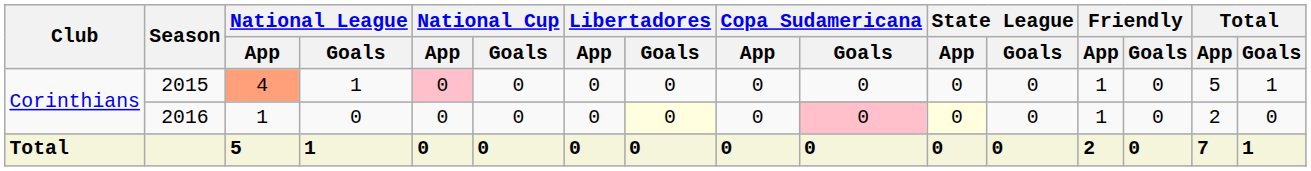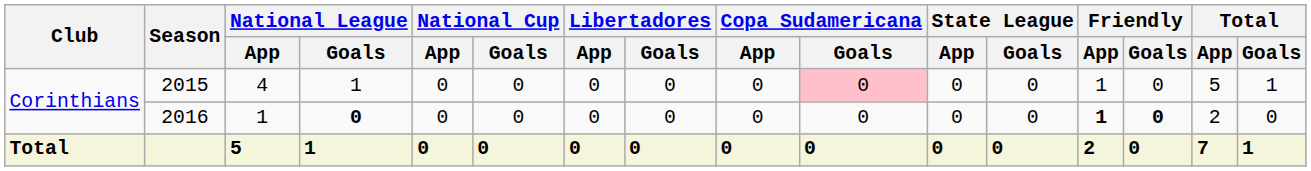 <table class="wikitable" style="text-align: center;">
 <tr>
 <th rowspan="2">Club</th>
 <th rowspan="2">Season</th>
 <th colspan="2"><a href='#'>National League</a></th>
 <th colspan="2"><a href='#'>National Cup</a></th>
 <th colspan="2"><a href='#'>Libertadores</a></th>
 <th colspan="2"><a href='#'>Copa Sudamericana</a></th>
 <th colspan="2">State League</th>
 <th colspan="2">Friendly</th>
 <th colspan="2">Total</th>
 </tr>
 <tr>
 <th>App</th>
 <th>Goals</th>
 <th>App</th>
 <th>Goals</th>
 <th>App</th>
 <th>Goals</th>
 <th>App</th>
 <th>Goals</th>
 <th>App</th>
 <th>Goals</th>
 <th>App</th>
 <th>Goals</th>
 <th>App</th>
 <th>Goals</th>
 </tr>
 <tr>
 <td rowspan="2"><a href='#'>Corinthians</a></td>
 <td>2015</td>
-<td style="background: lightsalmon;">4</td>
+<td>4</td>
 <td>1</td>
-<td style="background: pink;">0</td>
 <td>0</td>
 <td>0</td>
 <td>0</td>
 <td>0</td>
 <td>0</td>
+<td style="background: pink;">0</td>
 <td>0</td>
 <td>0</td>
 <td>1</td>
 <td>0</td>
 <td>5</td>
 <td>1</td>
 </tr>
 <tr>
 <td>2016</td>
 <td>1</td>
+<td><strong>0</strong></td>
 <td>0</td>
 <td>0</td>
 <td>0</td>
 <td>0</td>
-<td style="background: lightyellow;">0</td>
 <td>0</td>
-<td style="background: pink;">0</td>
-<td style="background: lightyellow;">0</td>
 <td>0</td>
-<td>1</td>
 <td>0</td>
+<td>0</td>
+<td><strong>1</strong></td>
+<td><strong>0</strong></td>
 <td>2</td>
 <td>0</td>
 </tr>
 <tr>
 <th style="text-align:left; background:beige;">Total</th>
 <th style="text-align:left; background:beige;"></th>
 <th style="text-align:left; background:beige;">5</th>
 <th style="text-align:left; background:beige;">1</th>
 <th style="text-align:left; background:beige;">0</th>
 <th style="text-align:left; background:beige;">0</th>
 <th style="text-align:left; background:beige;">0</th>
 <th style="text-align:left; background:beige;">0</th>
 <th style="text-align:left; background:beige;">0</th>
 <th style="text-align:left; background:beige;">0</th>
 <th style="text-align:left; background:beige;">0</th>
 <th style="text-align:left; background:beige;">0</th>
 <th style="text-align:left; background:beige;">2</th>
 <th style="text-align:left; background:beige;">0</th>
 <th style="text-align:left; background:beige;">7</th>
 <th style="text-align:left; background:beige;">1</th>
 </tr>
 </table>
